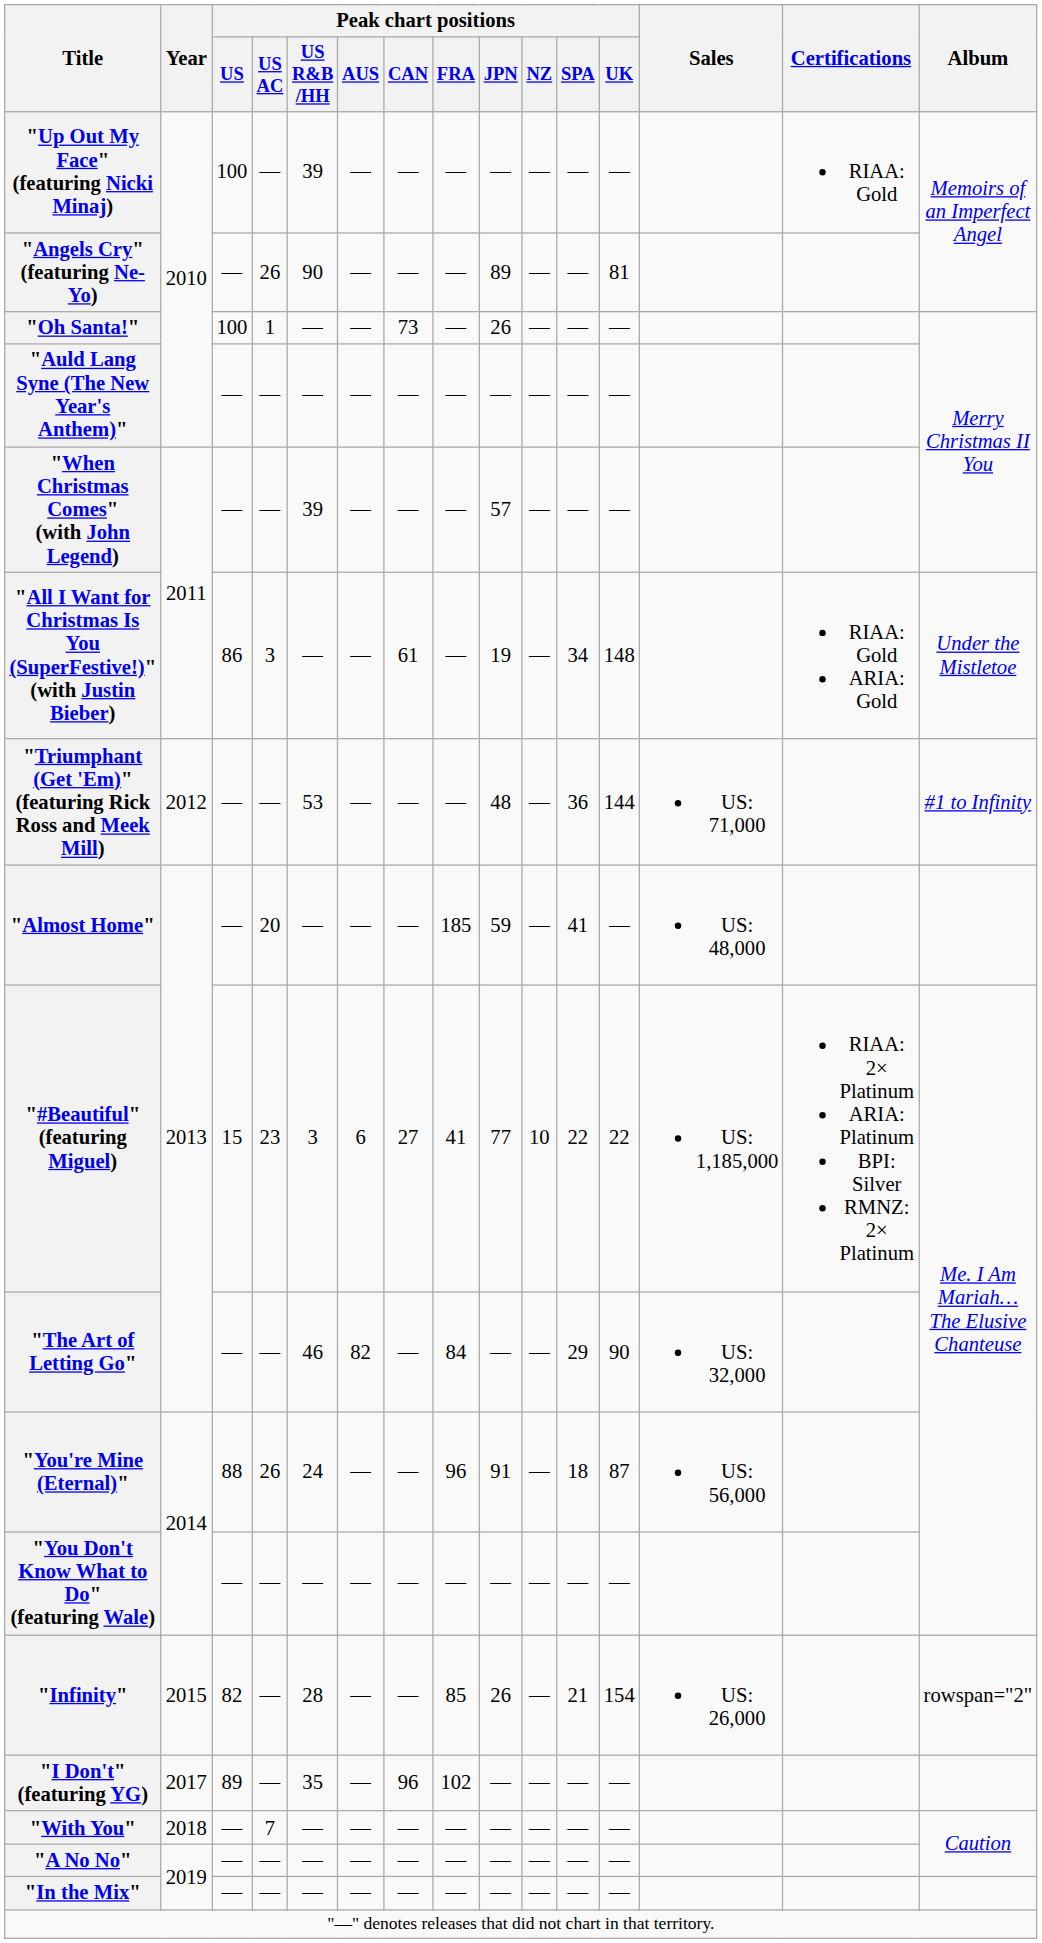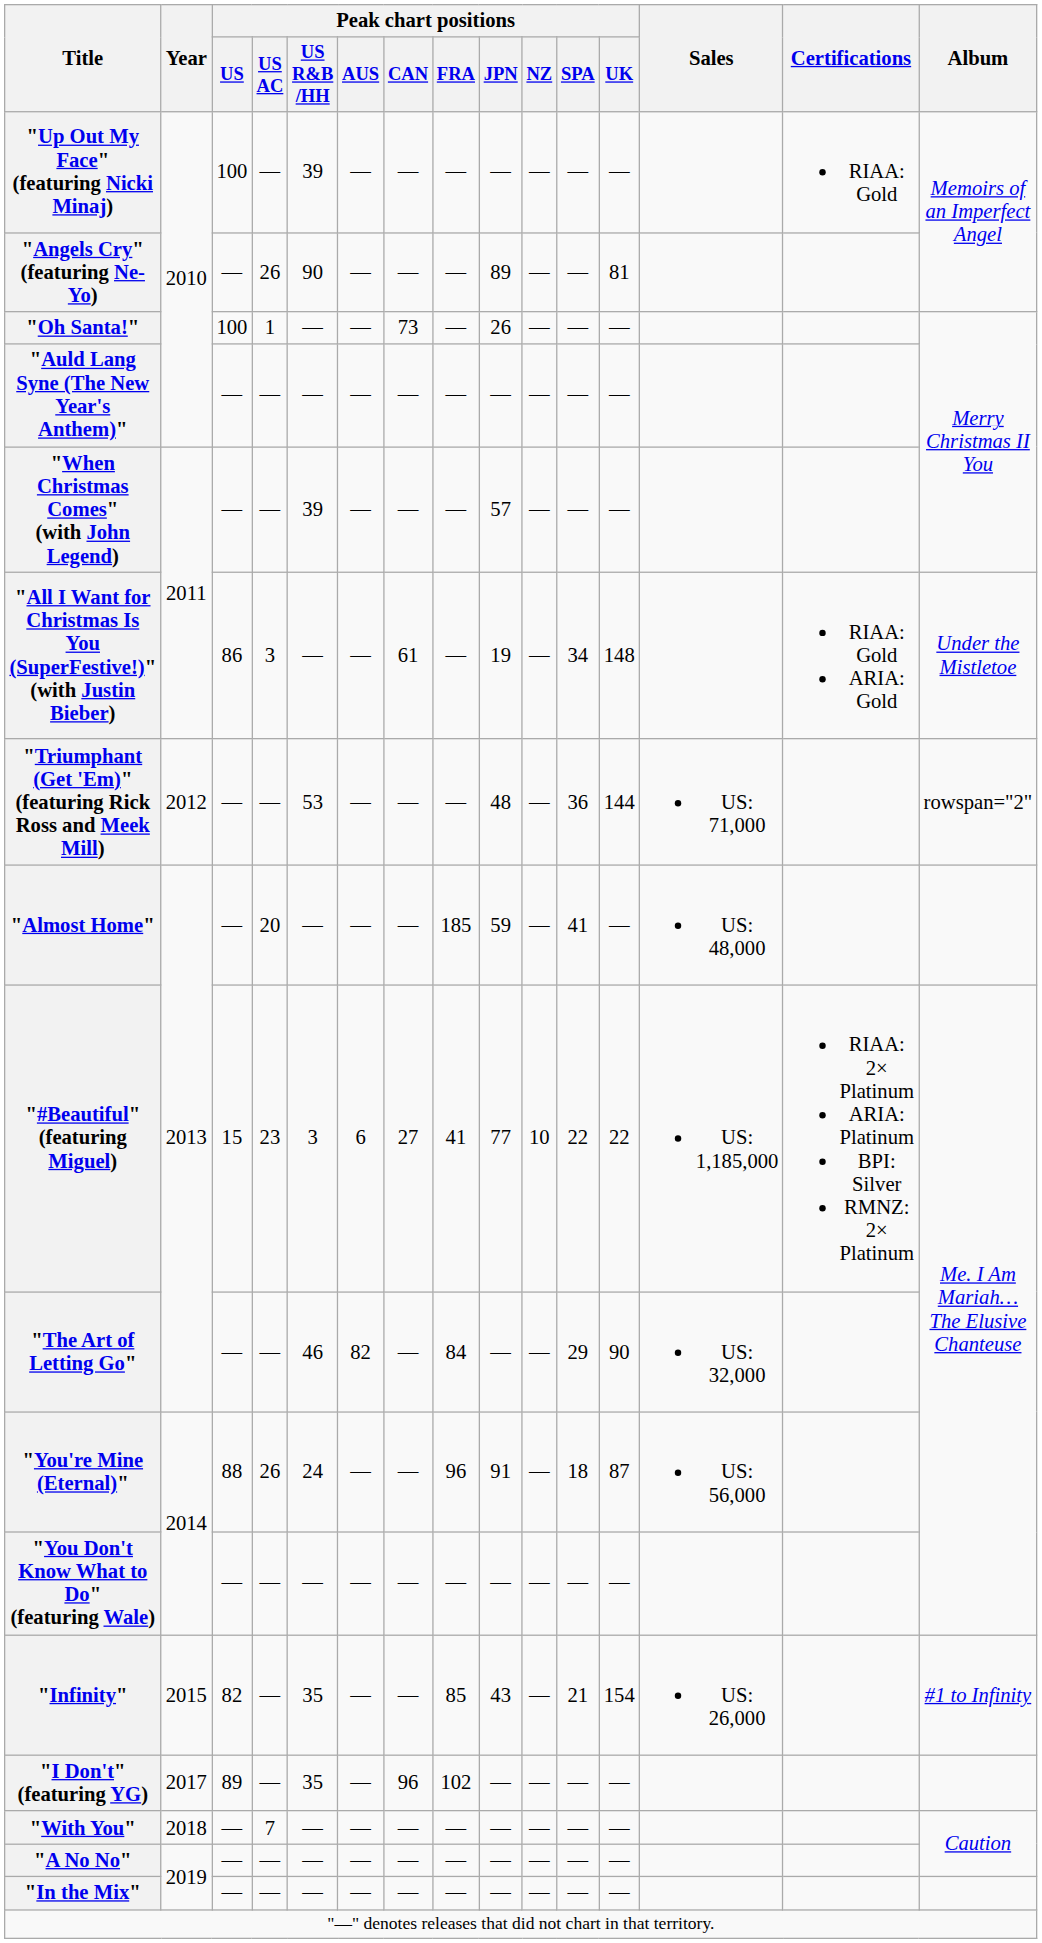 <table class="wikitable plainrowheaders" style="text-align:center;">
 <tr>
 <th scope="col" rowspan="2" style="width:18em;">Title</th>
 <th scope="col" rowspan="2">Year</th>
 <th scope="col" colspan="10">Peak chart positions</th>
 <th scope="col" rowspan="2" style="width:10em;">Sales</th>
 <th scope="col" rowspan="2" style="width:14em;"><a href='#'>Certifications</a></th>
 <th scope="col" rowspan="2" style="width:11em;">Album</th>
 </tr>
 <tr>
 <th scope="col" style="width:2.5em; font-size:90%;"><a href='#'>US</a><br></th>
 <th scope="col" style="width:2.5em; font-size:90%;"><a href='#'>US<br>AC</a><br></th>
 <th scope="col" style="width:2.5em; font-size:90%;"><a href='#'>US<br>R&B<br>/HH</a><br></th>
 <th scope="col" style="width:2.5em; font-size:90%;"><a href='#'>AUS</a><br></th>
 <th scope="col" style="width:2.5em; font-size:90%;"><a href='#'>CAN</a><br></th>
 <th scope="col" style="width:2.5em; font-size:90%;"><a href='#'>FRA</a><br></th>
 <th scope="col" style="width:2.5em; font-size:90%;"><a href='#'>JPN</a><br></th>
 <th scope="col" style="width:2.5em; font-size:90%;"><a href='#'>NZ</a><br></th>
 <th scope="col" style="width:2.5em; font-size:90%;"><a href='#'>SPA</a><br></th>
 <th scope="col" style="width:2.5em; font-size:90%;"><a href='#'>UK</a><br></th>
 </tr>
 <tr>
 <th scope="row">"<a href='#'>Up Out My Face</a>" <br><span>(featuring <a href='#'>Nicki Minaj</a>)</span></th>
 <td rowspan="4">2010</td>
 <td>100</td>
 <td>—</td>
 <td>39</td>
 <td>—</td>
 <td>—</td>
 <td>—</td>
 <td>—</td>
 <td>—</td>
 <td>—</td>
 <td>—</td>
 <td></td>
 <td><br><ul><li>RIAA: Gold</li></ul></td>
 <td rowspan="2"><em><a href='#'>Memoirs of an Imperfect Angel</a></em></td>
 </tr>
 <tr>
 <th scope="row">"<a href='#'>Angels Cry</a>" <br><span>(featuring <a href='#'>Ne-Yo</a>)</span></th>
 <td>—</td>
 <td>26</td>
 <td>90</td>
 <td>—</td>
 <td>—</td>
 <td>—</td>
 <td>89</td>
 <td>—</td>
 <td>—</td>
 <td>81</td>
 <td></td>
 <td></td>
 </tr>
 <tr>
 <th scope="row">"<a href='#'>Oh Santa!</a>"</th>
 <td>100</td>
 <td>1</td>
 <td>—</td>
 <td>—</td>
 <td>73</td>
 <td>—</td>
 <td>26</td>
 <td>—</td>
 <td>—</td>
 <td>—</td>
 <td></td>
 <td></td>
 <td rowspan="3"><em><a href='#'>Merry Christmas II You</a></em></td>
 </tr>
 <tr>
 <th scope="row">"<a href='#'>Auld Lang Syne (The New Year's Anthem)</a>"</th>
 <td>—</td>
 <td>—</td>
 <td>—</td>
 <td>—</td>
 <td>—</td>
 <td>—</td>
 <td>—</td>
 <td>—</td>
 <td>—</td>
 <td>—</td>
 <td></td>
 <td></td>
 </tr>
 <tr>
 <th scope="row">"<a href='#'>When Christmas Comes</a>"<br><span>(with <a href='#'>John Legend</a>)</span></th>
 <td rowspan="2">2011</td>
 <td>—</td>
 <td>—</td>
 <td>39</td>
 <td>—</td>
 <td>—</td>
 <td>—</td>
 <td>57</td>
 <td>—</td>
 <td>—</td>
 <td>—</td>
 <td></td>
 <td></td>
 </tr>
 <tr>
 <th scope="row">"<a href='#'>All I Want for Christmas Is You (SuperFestive!)</a>"<br><span>(with <a href='#'>Justin Bieber</a>)</span></th>
 <td>86</td>
 <td>3</td>
 <td>—</td>
 <td>—</td>
 <td>61</td>
 <td>—</td>
 <td>19</td>
 <td>—</td>
 <td>34</td>
 <td>148</td>
 <td></td>
 <td><br><ul><li>RIAA: Gold</li><li>ARIA: Gold</li></ul></td>
 <td><em><a href='#'>Under the Mistletoe</a></em></td>
 </tr>
 <tr>
 <th scope="row">"<a href='#'>Triumphant (Get 'Em)</a>"<br><span>(featuring Rick Ross and <a href='#'>Meek Mill</a>)</span></th>
 <td>2012</td>
 <td>—</td>
 <td>—</td>
 <td>53</td>
 <td>—</td>
 <td>—</td>
 <td>—</td>
 <td>48</td>
 <td>—</td>
 <td>36</td>
 <td>144</td>
 <td><br><ul><li>US: 71,000</li></ul></td>
 <td></td>
-<td><em><a href='#'>#1 to Infinity</a></em></td>
+<td>rowspan="2" </td>
 </tr>
 <tr>
 <th scope="row">"<a href='#'>Almost Home</a>"</th>
 <td rowspan="3">2013</td>
 <td>—</td>
 <td>20</td>
 <td>—</td>
 <td>—</td>
 <td>—</td>
 <td>185</td>
 <td>59</td>
 <td>—</td>
 <td>41</td>
 <td>—</td>
 <td><br><ul><li>US: 48,000</li></ul></td>
 <td></td>
 </tr>
 <tr>
 <th scope="row">"<a href='#'>#Beautiful</a>"<br><span>(featuring <a href='#'>Miguel</a>)</span></th>
 <td>15</td>
 <td>23</td>
 <td>3</td>
 <td>6</td>
 <td>27</td>
 <td>41</td>
 <td>77</td>
 <td>10</td>
 <td>22</td>
 <td>22</td>
 <td><br><ul><li>US: 1,185,000</li></ul></td>
 <td><br><ul><li>RIAA: 2× Platinum</li><li>ARIA: Platinum</li><li>BPI: Silver</li><li>RMNZ: 2× Platinum</li></ul></td>
 <td rowspan="4"><em><a href='#'>Me. I Am Mariah… The Elusive Chanteuse</a></em></td>
 </tr>
 <tr>
 <th scope="row">"<a href='#'>The Art of Letting Go</a>"</th>
 <td>—</td>
 <td>—</td>
 <td>46</td>
 <td>82</td>
 <td>—</td>
 <td>84</td>
 <td>—</td>
 <td>—</td>
 <td>29</td>
 <td>90</td>
 <td><br><ul><li>US: 32,000</li></ul></td>
 <td></td>
 </tr>
 <tr>
 <th scope="row">"<a href='#'>You're Mine (Eternal)</a>"</th>
 <td rowspan="2">2014</td>
 <td>88</td>
 <td>26</td>
 <td>24</td>
 <td>—</td>
 <td>—</td>
 <td>96</td>
 <td>91</td>
 <td>—</td>
 <td>18</td>
 <td>87</td>
 <td><br><ul><li>US: 56,000</li></ul></td>
 <td></td>
 </tr>
 <tr>
 <th scope="row">"<a href='#'>You Don't Know What to Do</a>"<br><span>(featuring <a href='#'>Wale</a>)</span></th>
 <td>—</td>
 <td>—</td>
 <td>—</td>
 <td>—</td>
 <td>—</td>
 <td>—</td>
 <td>—</td>
 <td>—</td>
 <td>—</td>
 <td>—</td>
 <td></td>
 <td></td>
 </tr>
 <tr>
 <th scope="row">"<a href='#'>Infinity</a>"</th>
 <td>2015</td>
 <td>82</td>
 <td>—</td>
-<td>28</td>
+<td>35</td>
 <td>—</td>
 <td>—</td>
 <td>85</td>
-<td>26</td>
+<td>43</td>
 <td>—</td>
 <td>21</td>
 <td>154</td>
 <td><br><ul><li>US: 26,000</li></ul></td>
 <td></td>
-<td>rowspan="2" </td>
+<td><em><a href='#'>#1 to Infinity</a></em></td>
 </tr>
 <tr>
 <th scope="row">"<a href='#'>I Don't</a>"<br><span>(featuring <a href='#'>YG</a>)</span></th>
 <td>2017</td>
 <td>89</td>
 <td>—</td>
 <td>35</td>
 <td>—</td>
 <td>96</td>
 <td>102</td>
 <td>—</td>
 <td>—</td>
 <td>—</td>
 <td>—</td>
 <td></td>
 <td></td>
 <td></td>
 </tr>
 <tr>
 <th scope="row">"<a href='#'>With You</a>"</th>
 <td>2018</td>
 <td>—</td>
 <td>7</td>
 <td>—</td>
 <td>—</td>
 <td>—</td>
 <td>—</td>
 <td>—</td>
 <td>—</td>
 <td>—</td>
 <td>—</td>
 <td></td>
 <td></td>
 <td rowspan="2"><em><a href='#'>Caution</a></em></td>
 </tr>
 <tr>
 <th scope="row">"<a href='#'>A No No</a>"</th>
 <td rowspan="2">2019</td>
 <td>—</td>
 <td>—</td>
 <td>—</td>
 <td>—</td>
 <td>—</td>
 <td>—</td>
 <td>—</td>
 <td>—</td>
 <td>—</td>
 <td>—</td>
 <td></td>
 <td></td>
 </tr>
 <tr>
 <th scope="row">"<a href='#'>In the Mix</a>"</th>
 <td>—</td>
 <td>—</td>
 <td>—</td>
 <td>—</td>
 <td>—</td>
 <td>—</td>
 <td>—</td>
 <td>—</td>
 <td>—</td>
 <td>—</td>
 <td></td>
 <td></td>
 <td></td>
 </tr>
 <tr>
 <td align="center" colspan="15" style="font-size:85%">"—" denotes releases that did not chart in that territory.</td>
 </tr>
 </table>
